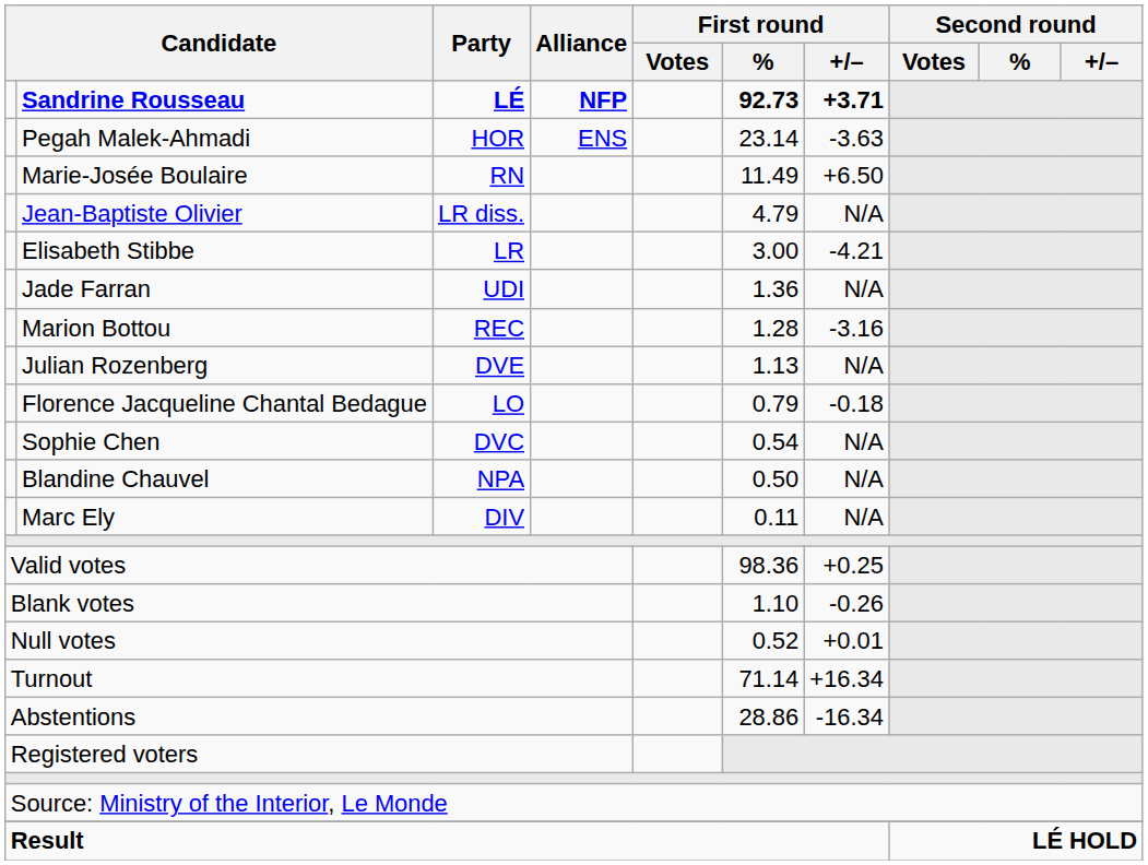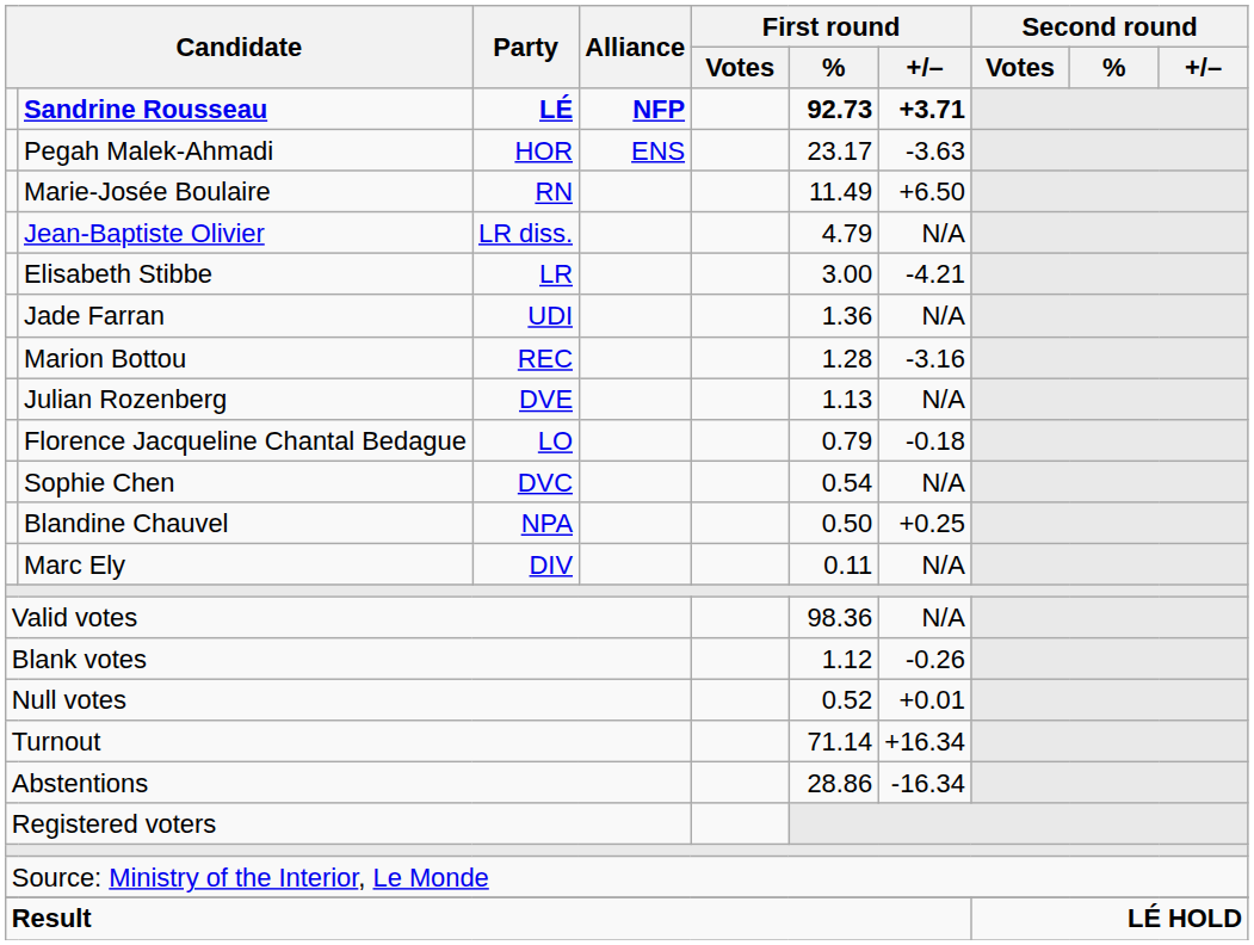 <table class="wikitable" style="text-align:right;font-size:95%;">
 <tr>
 <th rowspan="2" colspan="2">Candidate</th>
 <th rowspan="2">Party</th>
 <th rowspan="2">Alliance</th>
 <th colspan="3">First round</th>
 <th colspan="3">Second round</th>
 </tr>
 <tr>
 <th style="width:50px;">Votes</th>
 <th style="width:45px;">%</th>
 <th style="width:45px;">+/–</th>
 <th style="width:50px;">Votes</th>
 <th style="width:45px;">%</th>
 <th style="width:45px;">+/–</th>
 </tr>
 <tr>
 <td style="color:inherit;background:"></td>
 <td style="text-align:left;"><strong><a href='#'>Sandrine Rousseau</a></strong></td>
 <td><a href='#'><strong>LÉ</strong></a></td>
 <td><a href='#'><strong>NFP</strong></a></td>
 <td><strong></strong></td>
 <td><strong>92.73</strong></td>
 <td><strong>+3.71</strong></td>
 <td colspan="3" style="background:#E9E9E9;"></td>
 </tr>
 <tr>
 <td style="color:inherit;background:"></td>
 <td style="text-align:left;">Pegah Malek-Ahmadi</td>
 <td><a href='#'>HOR</a></td>
 <td><a href='#'>ENS</a></td>
 <td></td>
-<td>23.14</td>
+<td>23.17</td>
 <td>-3.63</td>
 <td colspan="3" style="background:#E9E9E9;"></td>
 </tr>
 <tr>
 <td style="color:inherit;background:"></td>
 <td style="text-align:left;">Marie-Josée Boulaire</td>
 <td><a href='#'>RN</a></td>
 <td></td>
 <td></td>
 <td>11.49</td>
 <td>+6.50</td>
 <td colspan="3" style="background:#E9E9E9;"></td>
 </tr>
 <tr>
 <td style="color:inherit;background:"></td>
 <td style="text-align:left;"><a href='#'>Jean-Baptiste Olivier</a></td>
 <td><a href='#'>LR diss.</a></td>
 <td></td>
 <td></td>
 <td>4.79</td>
 <td>N/A</td>
 <td colspan="3" style="background:#E9E9E9;"></td>
 </tr>
 <tr>
 <td style="color:inherit;background:"></td>
 <td style="text-align:left;">Elisabeth Stibbe</td>
 <td><a href='#'>LR</a></td>
 <td></td>
 <td></td>
 <td>3.00</td>
 <td>-4.21</td>
 <td colspan="3" style="background:#E9E9E9;"></td>
 </tr>
 <tr>
 <td style="color:inherit;background:"></td>
 <td style="text-align:left;">Jade Farran</td>
 <td><a href='#'>UDI</a></td>
 <td></td>
 <td></td>
 <td>1.36</td>
 <td>N/A</td>
 <td colspan="3" style="background:#E9E9E9;"></td>
 </tr>
 <tr>
 <td style="color:inherit;background:"></td>
 <td style="text-align:left;">Marion Bottou</td>
 <td><a href='#'>REC</a></td>
 <td></td>
 <td></td>
 <td>1.28</td>
 <td>-3.16</td>
 <td colspan="3" style="background:#E9E9E9;"></td>
 </tr>
 <tr>
 <td style="color:inherit;background:"></td>
 <td style="text-align:left;">Julian Rozenberg</td>
 <td><a href='#'>DVE</a></td>
 <td></td>
 <td></td>
 <td>1.13</td>
 <td>N/A</td>
 <td colspan="3" style="background:#E9E9E9;"></td>
 </tr>
 <tr>
 <td style="color:inherit;background:"></td>
 <td style="text-align:left;">Florence Jacqueline Chantal Bedague</td>
 <td><a href='#'>LO</a></td>
 <td></td>
 <td></td>
 <td>0.79</td>
 <td>-0.18</td>
 <td colspan="3" style="background:#E9E9E9;"></td>
 </tr>
 <tr>
 <td style="color:inherit;background:"></td>
 <td style="text-align:left;">Sophie Chen</td>
 <td><a href='#'>DVC</a></td>
 <td></td>
 <td></td>
 <td>0.54</td>
 <td>N/A</td>
 <td colspan="3" style="background:#E9E9E9;"></td>
 </tr>
 <tr>
 <td style="color:inherit;background:"></td>
 <td style="text-align:left;">Blandine Chauvel</td>
 <td><a href='#'>NPA</a></td>
 <td></td>
 <td></td>
 <td>0.50</td>
-<td>N/A</td>
+<td>+0.25</td>
 <td colspan="3" style="background:#E9E9E9;"></td>
 </tr>
 <tr>
 <td style="color:inherit;background:"></td>
 <td style="text-align:left;">Marc Ely</td>
 <td><a href='#'>DIV</a></td>
 <td></td>
 <td></td>
 <td>0.11</td>
 <td>N/A</td>
 <td colspan="3" style="background:#E9E9E9;"></td>
 </tr>
 <tr>
 <td colspan="10" style="background:#E9E9E9;"></td>
 </tr>
 <tr>
 <td colspan="4" style="text-align:left;">Valid votes</td>
 <td></td>
 <td>98.36</td>
-<td>+0.25</td>
+<td>N/A</td>
 <td colspan="3" style="background:#E9E9E9;"></td>
 </tr>
 <tr>
 <td colspan="4" style="text-align:left;">Blank votes</td>
 <td></td>
-<td>1.10</td>
+<td>1.12</td>
 <td>-0.26</td>
 <td colspan="3" style="background:#E9E9E9;"></td>
 </tr>
 <tr>
 <td colspan="4" style="text-align:left;">Null votes</td>
 <td></td>
 <td>0.52</td>
 <td>+0.01</td>
 <td colspan="3" style="background:#E9E9E9;"></td>
 </tr>
 <tr>
 <td colspan="4" style="text-align:left;">Turnout</td>
 <td></td>
 <td>71.14</td>
 <td>+16.34</td>
 <td colspan="3" style="background:#E9E9E9;"></td>
 </tr>
 <tr>
 <td colspan="4" style="text-align:left;">Abstentions</td>
 <td></td>
 <td>28.86</td>
 <td>-16.34</td>
 <td colspan="3" style="background:#E9E9E9;"></td>
 </tr>
 <tr>
 <td colspan="4" style="text-align:left;">Registered voters</td>
 <td></td>
 <td colspan="5" style="background:#E9E9E9;"></td>
 </tr>
 <tr>
 <td colspan="10" style="background:#E9E9E9;"></td>
 </tr>
 <tr>
 <td colspan="10" style="text-align:left;">Source: <a href='#'>Ministry of the Interior</a>, <a href='#'>Le Monde</a></td>
 </tr>
 <tr>
 </tr>
 <tr style="font-weight:bold">
 <td colspan="7" style="text-align:left;">Result</td>
 <td colspan="7" style="background-color:">LÉ HOLD</td>
 </tr>
 </table>
